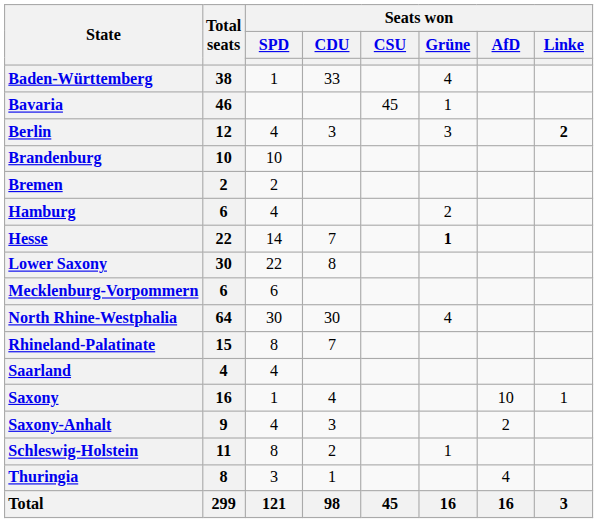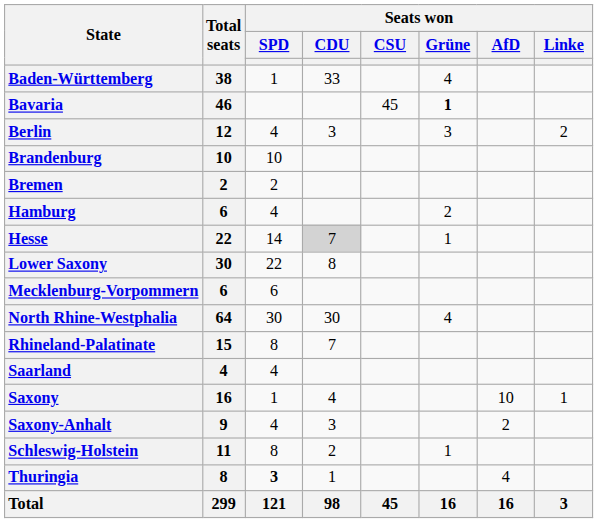 <table class="wikitable" style="text-align:center; font-size: 0.9em;">
 <tr>
 <th rowspan="3">State</th>
 <th rowspan="3">Total<br>seats</th>
 <th colspan="6">Seats won</th>
 </tr>
 <tr>
 <th class="unsortable" style="width:45px;"><a href='#'>SPD</a></th>
 <th class="unsortable" style="width:45px;"><a href='#'>CDU</a></th>
 <th class="unsortable" style="width:45px;"><a href='#'>CSU</a></th>
 <th class="unsortable" style="width:45px;"><a href='#'>Grüne</a></th>
 <th class="unsortable" style="width:45px;"><a href='#'>AfD</a></th>
 <th class="unsortable" style="width:45px;"><a href='#'>Linke</a></th>
 </tr>
 <tr>
 <th style="background:"></th>
 <th style="background:"></th>
 <th style="background:"></th>
 <th style="background:"></th>
 <th style="background:"></th>
 <th style="background:"></th>
 </tr>
 <tr>
 <th style="text-align: left;"><a href='#'>Baden-Württemberg</a></th>
 <th>38</th>
 <td>1</td>
 <td>33</td>
 <td></td>
 <td>4</td>
 <td></td>
 <td></td>
 </tr>
 <tr>
 <th style="text-align: left;"><a href='#'>Bavaria</a></th>
 <th>46</th>
 <td></td>
 <td></td>
 <td>45</td>
-<td>1</td>
+<td><strong>1</strong></td>
 <td></td>
 <td></td>
 </tr>
 <tr>
 <th style="text-align: left;"><a href='#'>Berlin</a></th>
 <th>12</th>
 <td>4</td>
 <td>3</td>
 <td></td>
 <td>3</td>
 <td></td>
-<td><strong>2</strong></td>
+<td>2</td>
 </tr>
 <tr>
 <th style="text-align: left;"><a href='#'>Brandenburg</a></th>
 <th>10</th>
 <td>10</td>
 <td></td>
 <td></td>
 <td></td>
 <td></td>
 <td></td>
 </tr>
 <tr>
 <th style="text-align: left;"><a href='#'>Bremen</a></th>
 <th>2</th>
 <td>2</td>
 <td></td>
 <td></td>
 <td></td>
 <td></td>
 <td></td>
 </tr>
 <tr>
 <th style="text-align: left;"><a href='#'>Hamburg</a></th>
 <th>6</th>
 <td>4</td>
 <td></td>
 <td></td>
 <td>2</td>
 <td></td>
 <td></td>
 </tr>
 <tr>
 <th style="text-align: left;"><a href='#'>Hesse</a></th>
 <th>22</th>
 <td>14</td>
-<td>7</td>
+<td style="background: lightgrey;">7</td>
 <td></td>
-<td><strong>1</strong></td>
+<td>1</td>
 <td></td>
 <td></td>
 </tr>
 <tr>
 <th style="text-align: left;"><a href='#'>Lower Saxony</a></th>
 <th>30</th>
 <td>22</td>
 <td>8</td>
 <td></td>
 <td></td>
 <td></td>
 <td></td>
 </tr>
 <tr>
 <th style="text-align: left;"><a href='#'>Mecklenburg-Vorpommern</a></th>
 <th>6</th>
 <td>6</td>
 <td></td>
 <td></td>
 <td></td>
 <td></td>
 <td></td>
 </tr>
 <tr>
 <th style="text-align: left;"><a href='#'>North Rhine-Westphalia</a></th>
 <th>64</th>
 <td>30</td>
 <td>30</td>
 <td></td>
 <td>4</td>
 <td></td>
 <td></td>
 </tr>
 <tr>
 <th style="text-align: left;"><a href='#'>Rhineland-Palatinate</a></th>
 <th>15</th>
 <td>8</td>
 <td>7</td>
 <td></td>
 <td></td>
 <td></td>
 <td></td>
 </tr>
 <tr>
 <th style="text-align: left;"><a href='#'>Saarland</a></th>
 <th>4</th>
 <td>4</td>
 <td></td>
 <td></td>
 <td></td>
 <td></td>
 <td></td>
 </tr>
 <tr>
 <th style="text-align: left;"><a href='#'>Saxony</a></th>
 <th>16</th>
 <td>1</td>
 <td>4</td>
 <td></td>
 <td></td>
 <td>10</td>
 <td>1</td>
 </tr>
 <tr>
 <th style="text-align: left;"><a href='#'>Saxony-Anhalt</a></th>
 <th>9</th>
 <td>4</td>
 <td>3</td>
 <td></td>
 <td></td>
 <td>2</td>
 <td></td>
 </tr>
 <tr>
 <th style="text-align: left;"><a href='#'>Schleswig-Holstein</a></th>
 <th>11</th>
 <td>8</td>
 <td>2</td>
 <td></td>
 <td>1</td>
 <td></td>
 <td></td>
 </tr>
 <tr>
 <th style="text-align: left;"><a href='#'>Thuringia</a></th>
 <th>8</th>
-<td>3</td>
+<td><strong>3</strong></td>
 <td>1</td>
 <td></td>
 <td></td>
 <td>4</td>
 <td></td>
 </tr>
 <tr class="sortbottom">
 <th style="text-align: left;">Total</th>
 <th>299</th>
 <th>121</th>
 <th>98</th>
 <th>45</th>
 <th>16</th>
 <th>16</th>
 <th>3</th>
 </tr>
 </table>
